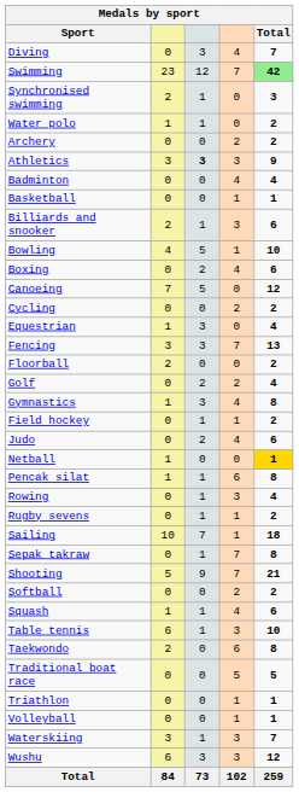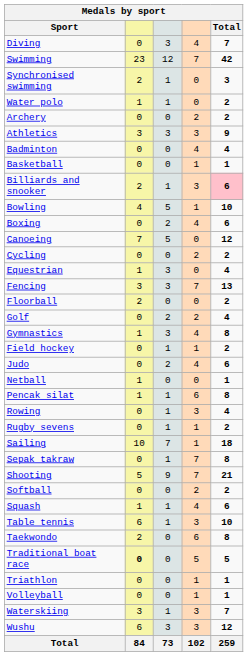 <table class="wikitable" style="font-size:90%; text-align:center;">
 <tr>
 <th colspan=5>Medals by sport</th>
 </tr>
 <tr>
 <th width=145>Sport</th>
 <th width=30 style="background:#F7F6A8;"></th>
 <th width=30 style="background:#DCE5E5;"></th>
 <th width=30 style="background:#FFDAB9;"></th>
 <th width=30>Total</th>
 </tr>
 <tr>
 <td align=left><a href='#'>Diving</a></td>
 <td style="background:#F7F6A8;">0</td>
 <td style="background:#DCE5E5;">3</td>
 <td style="background:#FFDAB9;">4</td>
 <td><strong>7</strong></td>
 </tr>
 <tr>
 <td align=left><a href='#'>Swimming</a></td>
 <td style="background:#F7F6A8;">23</td>
 <td style="background:#DCE5E5;">12</td>
 <td style="background:#FFDAB9;">7</td>
-<td style="background: lightgreen;"><strong>42</strong></td>
+<td><strong>42</strong></td>
 </tr>
 <tr>
 <td align=left><a href='#'>Synchronised swimming</a></td>
 <td style="background:#F7F6A8;">2</td>
 <td style="background:#DCE5E5;">1</td>
 <td style="background:#FFDAB9;">0</td>
 <td><strong>3</strong></td>
 </tr>
 <tr>
 <td align=left><a href='#'>Water polo</a></td>
 <td style="background:#F7F6A8;">1</td>
 <td style="background:#DCE5E5;">1</td>
 <td style="background:#FFDAB9;">0</td>
 <td><strong>2</strong></td>
 </tr>
 <tr>
 <td align=left><a href='#'>Archery</a></td>
 <td style="background:#F7F6A8;">0</td>
 <td style="background:#DCE5E5;">0</td>
 <td style="background:#FFDAB9;">2</td>
 <td><strong>2</strong></td>
 </tr>
 <tr>
 <td align=left><a href='#'>Athletics</a></td>
 <td style="background:#F7F6A8;">3</td>
-<td style="background:#DCE5E5;"><strong>3</strong></td>
+<td style="background:#DCE5E5;">3</td>
 <td style="background:#FFDAB9;">3</td>
 <td><strong>9</strong></td>
 </tr>
 <tr>
 <td align=left><a href='#'>Badminton</a></td>
 <td style="background:#F7F6A8;">0</td>
 <td style="background:#DCE5E5;">0</td>
 <td style="background:#FFDAB9;">4</td>
 <td><strong>4</strong></td>
 </tr>
 <tr>
 <td align=left><a href='#'>Basketball</a></td>
 <td style="background:#F7F6A8;">0</td>
 <td style="background:#DCE5E5;">0</td>
 <td style="background:#FFDAB9;">1</td>
 <td><strong>1</strong></td>
 </tr>
 <tr>
 <td align=left><a href='#'>Billiards and snooker</a></td>
 <td style="background:#F7F6A8;">2</td>
 <td style="background:#DCE5E5;">1</td>
 <td style="background:#FFDAB9;">3</td>
-<td><strong>6</strong></td>
+<td style="background: pink;"><strong>6</strong></td>
 </tr>
 <tr>
 <td align=left><a href='#'>Bowling</a></td>
 <td style="background:#F7F6A8;">4</td>
 <td style="background:#DCE5E5;">5</td>
 <td style="background:#FFDAB9;">1</td>
 <td><strong>10</strong></td>
 </tr>
 <tr>
 <td align=left><a href='#'>Boxing</a></td>
 <td style="background:#F7F6A8;">0</td>
 <td style="background:#DCE5E5;">2</td>
 <td style="background:#FFDAB9;">4</td>
 <td><strong>6</strong></td>
 </tr>
 <tr>
 <td align=left><a href='#'>Canoeing</a></td>
 <td style="background:#F7F6A8;">7</td>
 <td style="background:#DCE5E5;">5</td>
 <td style="background:#FFDAB9;">0</td>
 <td><strong>12</strong></td>
 </tr>
 <tr>
 <td align=left><a href='#'>Cycling</a></td>
 <td style="background:#F7F6A8;">0</td>
 <td style="background:#DCE5E5;">0</td>
 <td style="background:#FFDAB9;">2</td>
 <td><strong>2</strong></td>
 </tr>
 <tr>
 <td align=left><a href='#'>Equestrian</a></td>
 <td style="background:#F7F6A8;">1</td>
 <td style="background:#DCE5E5;">3</td>
 <td style="background:#FFDAB9;">0</td>
 <td><strong>4</strong></td>
 </tr>
 <tr>
 <td align=left><a href='#'>Fencing</a></td>
 <td style="background:#F7F6A8;">3</td>
 <td style="background:#DCE5E5;">3</td>
 <td style="background:#FFDAB9;">7</td>
 <td><strong>13</strong></td>
 </tr>
 <tr>
 <td align=left><a href='#'>Floorball</a></td>
 <td style="background:#F7F6A8;">2</td>
 <td style="background:#DCE5E5;">0</td>
 <td style="background:#FFDAB9;">0</td>
 <td><strong>2</strong></td>
 </tr>
 <tr>
 <td align=left><a href='#'>Golf</a></td>
 <td style="background:#F7F6A8;">0</td>
 <td style="background:#DCE5E5;">2</td>
 <td style="background:#FFDAB9;">2</td>
 <td><strong>4</strong></td>
 </tr>
 <tr>
 <td align=left><a href='#'>Gymnastics</a></td>
 <td style="background:#F7F6A8;">1</td>
 <td style="background:#DCE5E5;">3</td>
 <td style="background:#FFDAB9;">4</td>
 <td><strong>8</strong></td>
 </tr>
 <tr>
 <td align=left><a href='#'>Field hockey</a></td>
 <td style="background:#F7F6A8;">0</td>
 <td style="background:#DCE5E5;">1</td>
 <td style="background:#FFDAB9;">1</td>
 <td><strong>2</strong></td>
 </tr>
 <tr>
 <td align=left><a href='#'>Judo</a></td>
 <td style="background:#F7F6A8;">0</td>
 <td style="background:#DCE5E5;">2</td>
 <td style="background:#FFDAB9;">4</td>
 <td><strong>6</strong></td>
 </tr>
 <tr>
 <td align=left><a href='#'>Netball</a></td>
 <td style="background:#F7F6A8;">1</td>
 <td style="background:#DCE5E5;">0</td>
 <td style="background:#FFDAB9;">0</td>
-<td style="background: gold;"><strong>1</strong></td>
+<td><strong>1</strong></td>
 </tr>
 <tr>
 <td align=left><a href='#'>Pencak silat</a></td>
 <td style="background:#F7F6A8;">1</td>
 <td style="background:#DCE5E5;">1</td>
 <td style="background:#FFDAB9;">6</td>
 <td><strong>8</strong></td>
 </tr>
 <tr>
 <td align=left><a href='#'>Rowing</a></td>
 <td style="background:#F7F6A8;">0</td>
 <td style="background:#DCE5E5;">1</td>
 <td style="background:#FFDAB9;">3</td>
 <td><strong>4</strong></td>
 </tr>
 <tr>
 <td align=left><a href='#'>Rugby sevens</a></td>
 <td style="background:#F7F6A8;">0</td>
 <td style="background:#DCE5E5;">1</td>
 <td style="background:#FFDAB9;">1</td>
 <td><strong>2</strong></td>
 </tr>
 <tr>
 <td align=left><a href='#'>Sailing</a></td>
 <td style="background:#F7F6A8;">10</td>
 <td style="background:#DCE5E5;">7</td>
 <td style="background:#FFDAB9;">1</td>
 <td><strong>18</strong></td>
 </tr>
 <tr>
 <td align=left><a href='#'>Sepak takraw</a></td>
 <td style="background:#F7F6A8;">0</td>
 <td style="background:#DCE5E5;">1</td>
 <td style="background:#FFDAB9;">7</td>
 <td><strong>8</strong></td>
 </tr>
 <tr>
 <td align=left><a href='#'>Shooting</a></td>
 <td style="background:#F7F6A8;">5</td>
 <td style="background:#DCE5E5;">9</td>
 <td style="background:#FFDAB9;">7</td>
 <td><strong>21</strong></td>
 </tr>
 <tr>
 <td align=left><a href='#'>Softball</a></td>
 <td style="background:#F7F6A8;">0</td>
 <td style="background:#DCE5E5;">0</td>
 <td style="background:#FFDAB9;">2</td>
 <td><strong>2</strong></td>
 </tr>
 <tr>
 <td align=left><a href='#'>Squash</a></td>
 <td style="background:#F7F6A8;">1</td>
 <td style="background:#DCE5E5;">1</td>
 <td style="background:#FFDAB9;">4</td>
 <td><strong>6</strong></td>
 </tr>
 <tr>
 <td align=left><a href='#'>Table tennis</a></td>
 <td style="background:#F7F6A8;">6</td>
 <td style="background:#DCE5E5;">1</td>
 <td style="background:#FFDAB9;">3</td>
 <td><strong>10</strong></td>
 </tr>
 <tr>
 <td align=left><a href='#'>Taekwondo</a></td>
 <td style="background:#F7F6A8;">2</td>
 <td style="background:#DCE5E5;">0</td>
 <td style="background:#FFDAB9;">6</td>
 <td><strong>8</strong></td>
 </tr>
 <tr>
 <td align=left><a href='#'>Traditional boat race</a></td>
-<td style="background:#F7F6A8;">0</td>
+<td style="background:#F7F6A8;"><strong>0</strong></td>
 <td style="background:#DCE5E5;">0</td>
 <td style="background:#FFDAB9;">5</td>
 <td><strong>5</strong></td>
 </tr>
 <tr>
 <td align=left><a href='#'>Triathlon</a></td>
 <td style="background:#F7F6A8;">0</td>
 <td style="background:#DCE5E5;">0</td>
 <td style="background:#FFDAB9;">1</td>
 <td><strong>1</strong></td>
 </tr>
 <tr>
 <td align=left><a href='#'>Volleyball</a></td>
 <td style="background:#F7F6A8;">0</td>
 <td style="background:#DCE5E5;">0</td>
 <td style="background:#FFDAB9;">1</td>
 <td><strong>1</strong></td>
 </tr>
 <tr>
 <td align=left><a href='#'>Waterskiing</a></td>
 <td style="background:#F7F6A8;">3</td>
 <td style="background:#DCE5E5;">1</td>
 <td style="background:#FFDAB9;">3</td>
 <td><strong>7</strong></td>
 </tr>
 <tr>
 <td align=left><a href='#'>Wushu</a></td>
 <td style="background:#F7F6A8;">6</td>
 <td style="background:#DCE5E5;">3</td>
 <td style="background:#FFDAB9;">3</td>
 <td><strong>12</strong></td>
 </tr>
 <tr class="sortbottom">
 <th>Total</th>
 <th>84</th>
 <th>73</th>
 <th>102</th>
 <th>259</th>
 </tr>
 </table>
